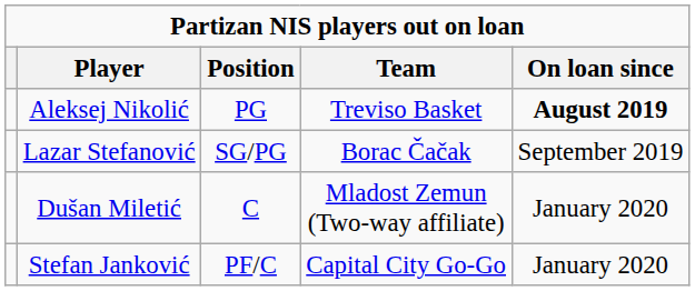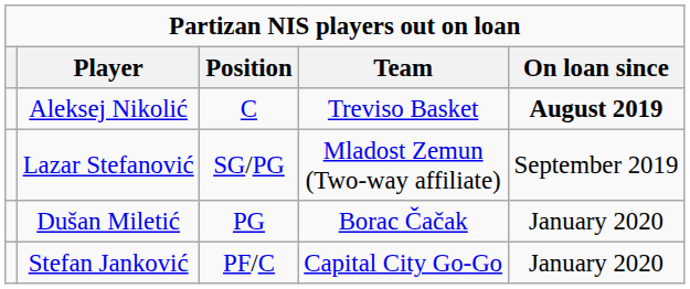 <table class="wikitable sortable" style="font-size: 95%; text-align:center;">
 <tr>
 <td colspan=6><strong>Partizan NIS players out on loan</strong></td>
 </tr>
 <tr>
 <th></th>
 <th>Player</th>
 <th>Position</th>
 <th>Team</th>
 <th>On loan since</th>
 </tr>
 <tr>
 <td></td>
 <td><a href='#'>Aleksej Nikolić</a></td>
-<td><a href='#'>PG</a></td>
+<td><a href='#'>C</a></td>
 <td> <a href='#'>Treviso Basket</a></td>
 <td><strong>August 2019</strong></td>
 </tr>
 <tr>
 <td></td>
 <td><a href='#'>Lazar Stefanović</a></td>
 <td><a href='#'>SG</a>/<a href='#'>PG</a></td>
-<td> <a href='#'>Borac Čačak</a></td>
+<td> <a href='#'>Mladost Zemun</a><br> (Two-way affiliate)</td>
 <td>September 2019</td>
 </tr>
 <tr>
 <td></td>
 <td><a href='#'>Dušan Miletić</a></td>
-<td><a href='#'>C</a></td>
-<td> <a href='#'>Mladost Zemun</a><br> (Two-way affiliate)</td>
+<td><a href='#'>PG</a></td>
+<td> <a href='#'>Borac Čačak</a></td>
 <td>January 2020</td>
 </tr>
 <tr>
 <td></td>
 <td><a href='#'>Stefan Janković</a></td>
 <td><a href='#'>PF</a>/<a href='#'>C</a></td>
 <td> <a href='#'>Capital City Go-Go</a></td>
 <td>January 2020</td>
 </tr>
 </table>
